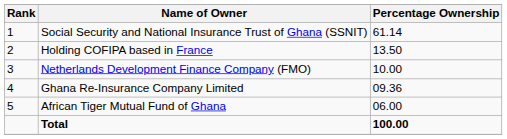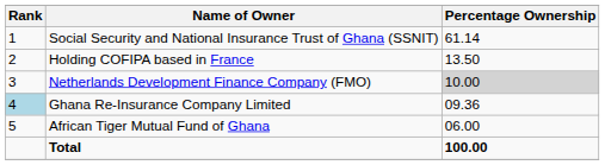 <table class="wikitable sortable" style="margin-left:auto;margin-right:auto">
 <tr>
 </tr>
 <tr>
 <th style="width:2em;">Rank</th>
 <th>Name of Owner</th>
 <th>Percentage Ownership</th>
 </tr>
 <tr>
 <td>1</td>
 <td>Social Security and National Insurance Trust of <a href='#'>Ghana</a> (SSNIT)</td>
 <td>61.14</td>
 </tr>
 <tr>
 <td>2</td>
 <td>Holding COFIPA based in <a href='#'>France</a></td>
 <td>13.50</td>
 </tr>
 <tr>
 <td>3</td>
 <td><a href='#'>Netherlands Development Finance Company</a> (FMO)</td>
-<td>10.00</td>
+<td style="background: lightgrey;">10.00</td>
 </tr>
 <tr>
-<td>4</td>
+<td style="background: lightblue;">4</td>
 <td>Ghana Re-Insurance Company Limited</td>
 <td>09.36</td>
 </tr>
 <tr>
 <td>5</td>
 <td>African Tiger Mutual Fund of <a href='#'>Ghana</a></td>
 <td>06.00</td>
 </tr>
 <tr>
 <td></td>
 <td><strong>Total</strong></td>
 <td><strong>100.00</strong></td>
 </tr>
 <tr>
 </tr>
 </table>
